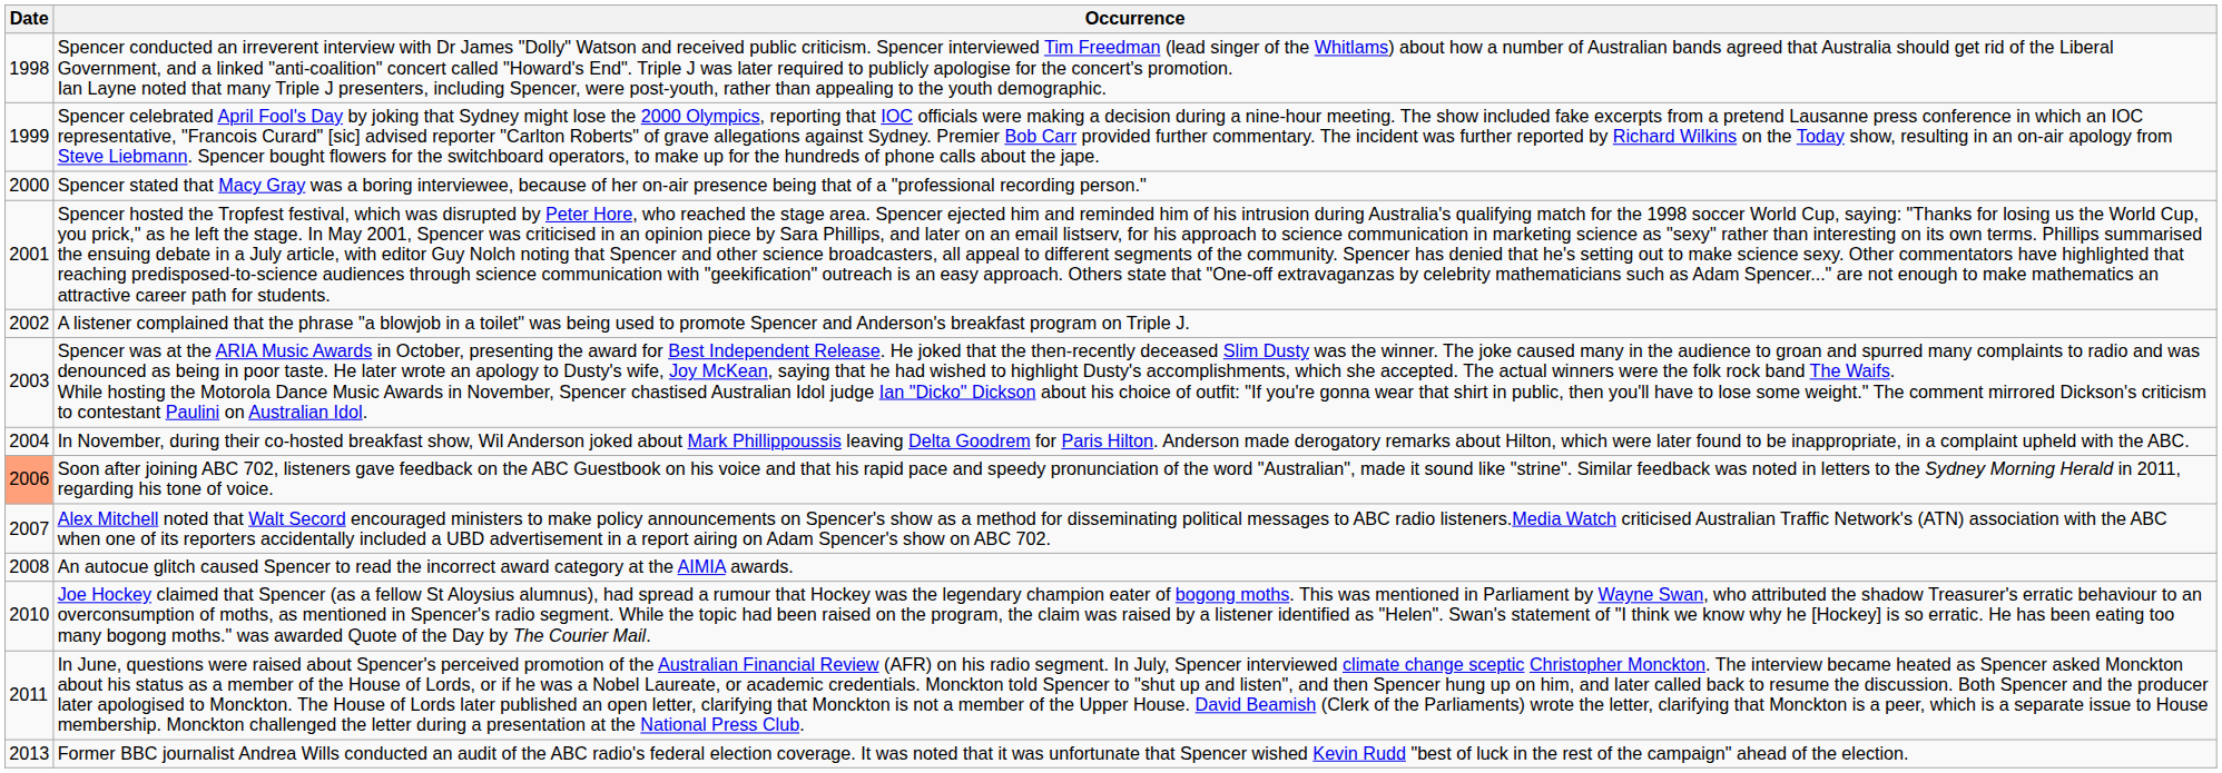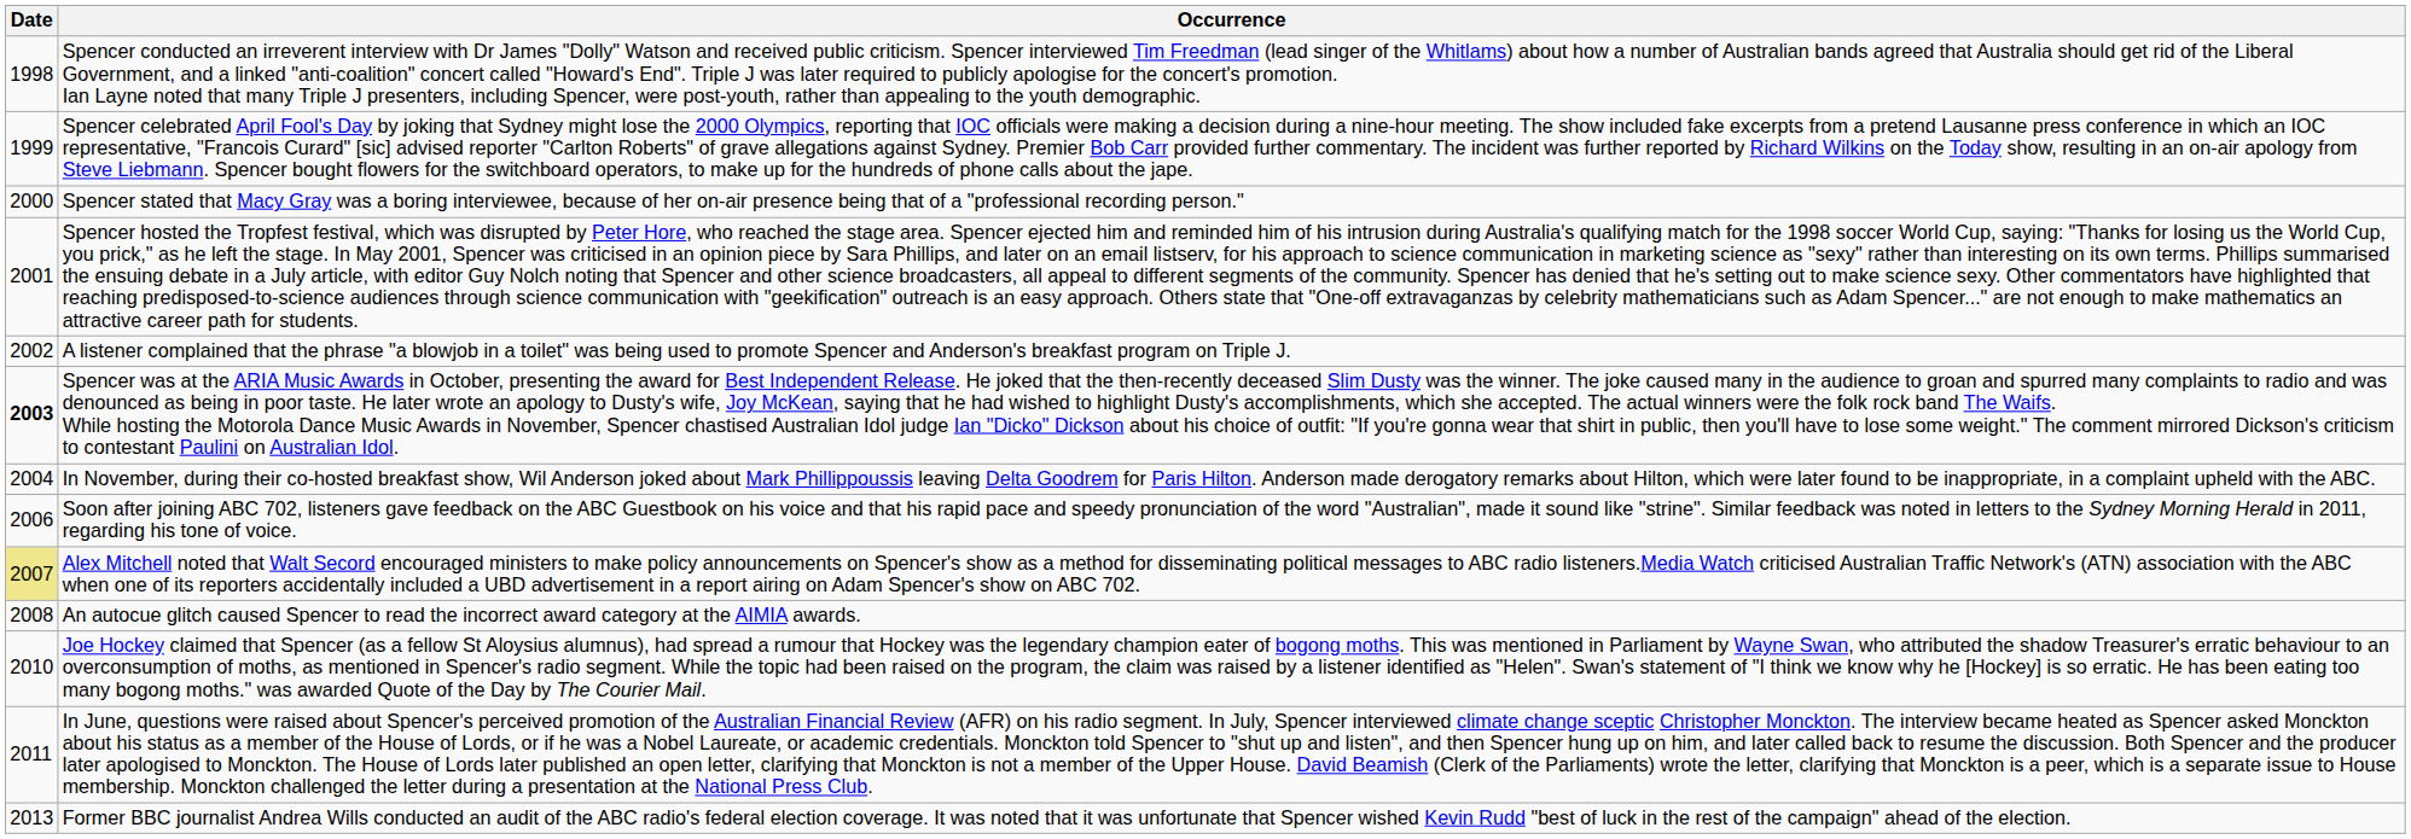 <table class="wikitable">
 <tr>
 <th>Date</th>
 <th>Occurrence</th>
 </tr>
 <tr>
 <td>1998</td>
 <td>Spencer conducted an irreverent interview with Dr James "Dolly" Watson and received public criticism. Spencer interviewed <a href='#'>Tim Freedman</a> (lead singer of the <a href='#'>Whitlams</a>) about how a number of Australian bands agreed that Australia should get rid of the Liberal Government, and a linked "anti-coalition" concert called "Howard's End". Triple J was later required to publicly apologise for the concert's promotion.<br>Ian Layne noted that many Triple J presenters, including Spencer, were post-youth, rather than appealing to the youth demographic.</td>
 </tr>
 <tr>
 <td>1999</td>
 <td>Spencer celebrated <a href='#'>April Fool's Day</a> by joking that Sydney might lose the <a href='#'>2000 Olympics</a>, reporting that <a href='#'>IOC</a> officials were making a decision during a nine-hour meeting. The show included fake excerpts from a pretend Lausanne press conference in which an IOC representative, "Francois Curard" [sic] advised reporter "Carlton Roberts" of grave allegations against Sydney. Premier <a href='#'>Bob Carr</a> provided further commentary. The incident was further reported by <a href='#'>Richard Wilkins</a> on the <a href='#'>Today</a> show, resulting in an on-air apology from <a href='#'>Steve Liebmann</a>. Spencer bought flowers for the switchboard operators, to make up for the hundreds of phone calls about the jape.</td>
 </tr>
 <tr>
 <td>2000</td>
 <td>Spencer stated that <a href='#'>Macy Gray</a> was a boring interviewee, because of her on-air presence being that of a "professional recording person."</td>
 </tr>
 <tr>
 <td>2001</td>
 <td>Spencer hosted the Tropfest festival, which was disrupted by <a href='#'>Peter Hore</a>, who reached the stage area. Spencer ejected him and reminded him of his intrusion during Australia's qualifying match for the 1998 soccer World Cup, saying: "Thanks for losing us the World Cup, you prick," as he left the stage. In May 2001, Spencer was criticised in an opinion piece by Sara Phillips, and later on an email listserv, for his approach to science communication in marketing science as "sexy" rather than interesting on its own terms. Phillips summarised the ensuing debate in a July article, with editor Guy Nolch noting that Spencer and other science broadcasters, all appeal to different segments of the community. Spencer has denied that he's setting out to make science sexy. Other commentators have highlighted that reaching predisposed-to-science audiences through science communication with "geekification" outreach is an easy approach. Others state that "One-off extravaganzas by celebrity mathematicians such as Adam Spencer..." are not enough to make mathematics an attractive career path for students.</td>
 </tr>
 <tr>
 <td>2002</td>
 <td>A listener complained that the phrase "a blowjob in a toilet" was being used to promote Spencer and Anderson's breakfast program on Triple J.</td>
 </tr>
 <tr>
-<td>2003</td>
+<td><strong>2003</strong></td>
 <td>Spencer was at the <a href='#'>ARIA Music Awards</a> in October, presenting the award for <a href='#'>Best Independent Release</a>. He joked that the then-recently deceased <a href='#'>Slim Dusty</a> was the winner. The joke caused many in the audience to groan and spurred many complaints to radio and was denounced as being in poor taste. He later wrote an apology to Dusty's wife, <a href='#'>Joy McKean</a>, saying that he had wished to highlight Dusty's accomplishments, which she accepted. The actual winners were the folk rock band <a href='#'>The Waifs</a>.<br>While hosting the Motorola Dance Music Awards in November, Spencer chastised Australian Idol judge <a href='#'>Ian "Dicko" Dickson</a> about his choice of outfit: "If you're gonna wear that shirt in public, then you'll have to lose some weight." The comment mirrored Dickson's criticism to contestant <a href='#'>Paulini</a> on <a href='#'>Australian Idol</a>.</td>
 </tr>
 <tr>
 <td>2004</td>
 <td>In November, during their co-hosted breakfast show, Wil Anderson joked about <a href='#'>Mark Phillippoussis</a> leaving <a href='#'>Delta Goodrem</a> for <a href='#'>Paris Hilton</a>. Anderson made derogatory remarks about Hilton, which were later found to be inappropriate, in a complaint upheld with the ABC.</td>
 </tr>
 <tr>
-<td style="background: lightsalmon;">2006</td>
+<td>2006</td>
 <td>Soon after joining ABC 702, listeners gave feedback on the ABC Guestbook on his voice and that his rapid pace and speedy pronunciation of the word "Australian", made it sound like "strine". Similar feedback was noted in letters to the <em>Sydney Morning Herald</em> in 2011, regarding his tone of voice.</td>
 </tr>
 <tr>
-<td>2007</td>
+<td style="background: khaki;">2007</td>
 <td><a href='#'>Alex Mitchell</a> noted that <a href='#'>Walt Secord</a> encouraged ministers to make policy announcements on Spencer's show as a method for disseminating political messages to ABC radio listeners.<a href='#'>Media Watch</a> criticised Australian Traffic Network's (ATN) association with the ABC when one of its reporters accidentally included a UBD advertisement in a report airing on Adam Spencer's show on ABC 702.</td>
 </tr>
 <tr>
 <td>2008</td>
 <td>An autocue glitch caused Spencer to read the incorrect award category at the <a href='#'>AIMIA</a> awards.</td>
 </tr>
 <tr>
 <td>2010</td>
 <td><a href='#'>Joe Hockey</a> claimed that Spencer (as a fellow St Aloysius alumnus), had spread a rumour that Hockey was the legendary champion eater of <a href='#'>bogong moths</a>. This was mentioned in Parliament by <a href='#'>Wayne Swan</a>, who attributed the shadow Treasurer's erratic behaviour to an overconsumption of moths, as mentioned in Spencer's radio segment. While the topic had been raised on the program, the claim was raised by a listener identified as "Helen". Swan's statement of "I think we know why he [Hockey] is so erratic. He has been eating too many bogong moths." was awarded Quote of the Day by <em>The Courier Mail</em>.</td>
 </tr>
 <tr>
 <td>2011</td>
 <td>In June, questions were raised about Spencer's perceived promotion of the <a href='#'>Australian Financial Review</a> (AFR) on his radio segment. In July, Spencer interviewed <a href='#'>climate change sceptic</a> <a href='#'>Christopher Monckton</a>. The interview became heated as Spencer asked Monckton about his status as a member of the House of Lords, or if he was a Nobel Laureate, or academic credentials. Monckton told Spencer to "shut up and listen", and then Spencer hung up on him, and later called back to resume the discussion. Both Spencer and the producer later apologised to Monckton. The House of Lords later published an open letter, clarifying that Monckton is not a member of the Upper House. <a href='#'>David Beamish</a> (Clerk of the Parliaments) wrote the letter, clarifying that Monckton is a peer, which is a separate issue to House membership. Monckton challenged the letter during a presentation at the <a href='#'>National Press Club</a>.</td>
 </tr>
 <tr>
 <td>2013</td>
 <td>Former BBC journalist Andrea Wills conducted an audit of the ABC radio's federal election coverage. It was noted that it was unfortunate that Spencer wished <a href='#'>Kevin Rudd</a> "best of luck in the rest of the campaign" ahead of the election.</td>
 </tr>
 </table>
